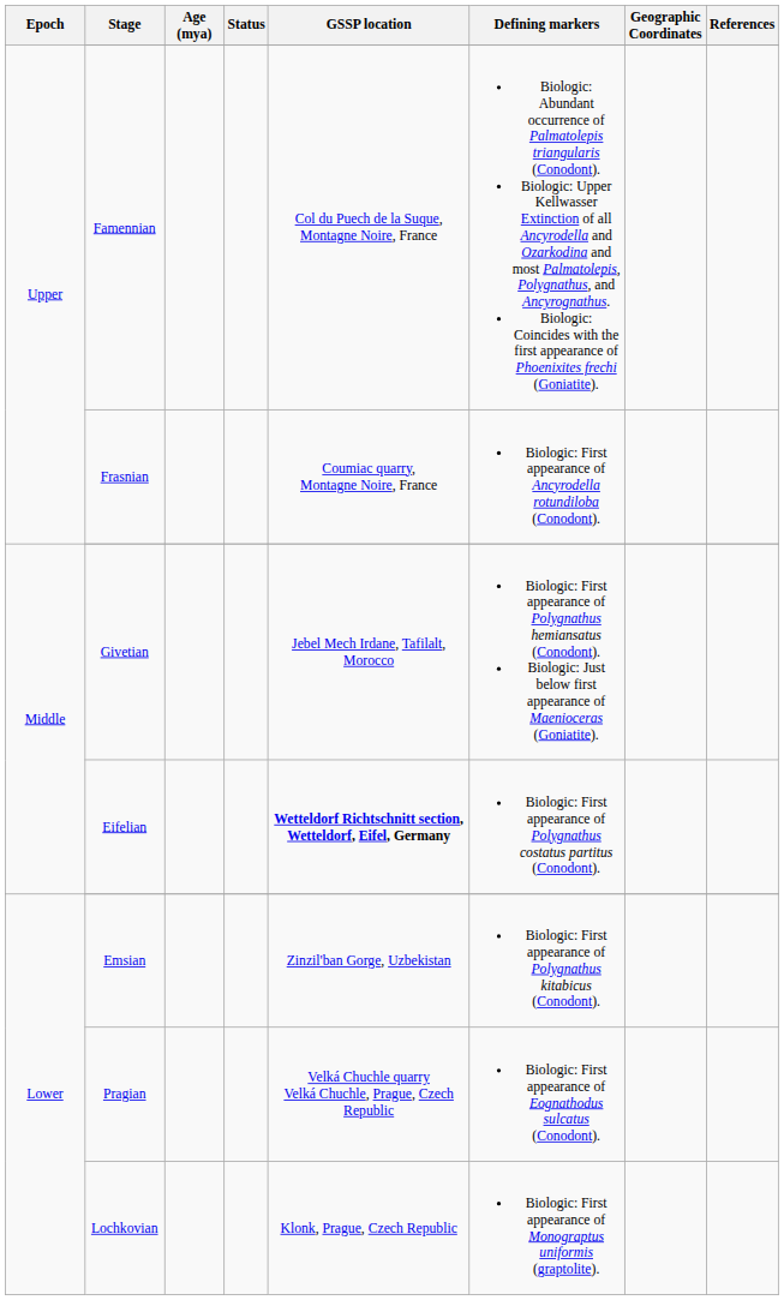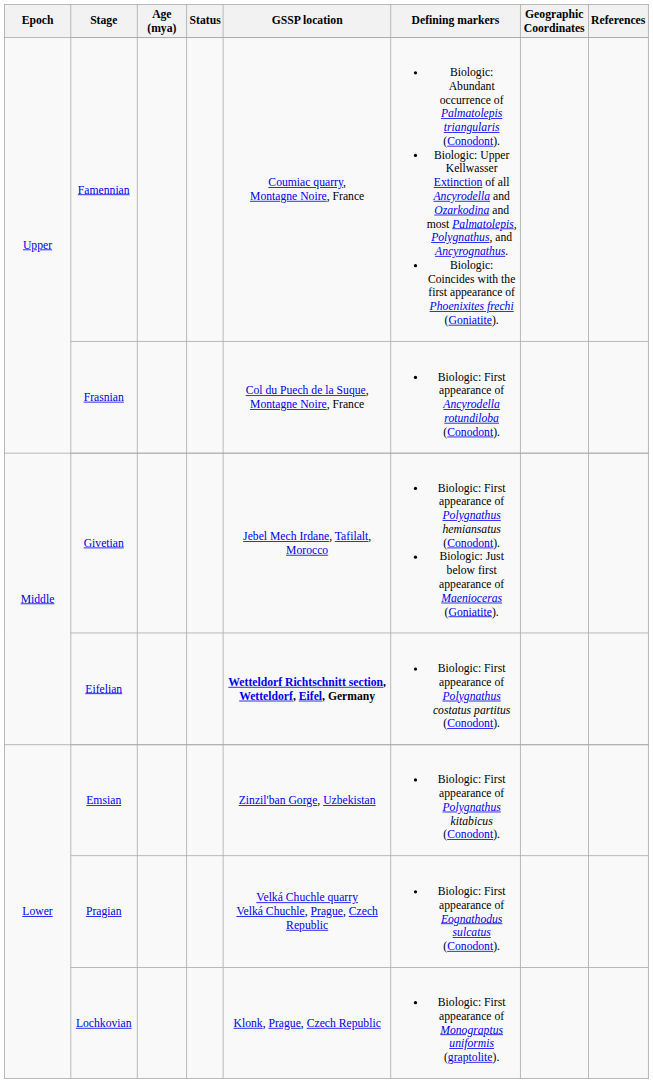 <table class="wikitable"  style="font-size:90%; width:90%; text-align:center;">
 <tr>
 <th style="width:75px;">Epoch</th>
 <th style="width:75px;">Stage</th>
 <th style="width:55px;">Age (mya)</th>
 <th style="width:15px;">Status</th>
 <th style="width:200px;">GSSP location</th>
 <th width="">Defining markers</th>
 <th width="">Geographic Coordinates</th>
 <th width="">References</th>
 </tr>
 <tr style="background:">
 <td rowspan="3"><a href='#'>Upper</a></td>
 </tr>
 <tr style="background:">
 <td><a href='#'>Famennian</a></td>
 <td></td>
 <td></td>
-<td><a href='#'>Col du Puech de la Suque</a>, <a href='#'>Montagne Noire</a>, France</td>
+<td><a href='#'>Coumiac quarry</a>,<br><a href='#'>Montagne Noire</a>, France</td>
 <td><br><ul><li>Biologic: Abundant occurrence of <em><a href='#'>Palmatolepis triangularis</a></em> (<a href='#'>Conodont</a>).</li><li>Biologic: Upper Kellwasser <a href='#'>Extinction</a> of all <em><a href='#'>Ancyrodella</a></em> and <em><a href='#'>Ozarkodina</a></em> and most <em><a href='#'>Palmatolepis</a></em>, <em><a href='#'>Polygnathus</a></em>, and <em><a href='#'>Ancyrognathus</a></em>.</li><li>Biologic: Coincides with the first appearance of <em><a href='#'>Phoenixites frechi</a></em> (<a href='#'>Goniatite</a>).</li></ul></td>
 <td></td>
 <td></td>
 </tr>
 <tr style="background:">
 <td><a href='#'>Frasnian</a></td>
 <td></td>
 <td></td>
-<td><a href='#'>Coumiac quarry</a>,<br><a href='#'>Montagne Noire</a>, France</td>
+<td><a href='#'>Col du Puech de la Suque</a>, <a href='#'>Montagne Noire</a>, France</td>
 <td><br><ul><li>Biologic: First appearance of <em><a href='#'>Ancyrodella rotundiloba</a></em> (<a href='#'>Conodont</a>).</li></ul></td>
 <td></td>
 <td></td>
 </tr>
 <tr style="background:">
 <td rowspan="3"><a href='#'>Middle</a></td>
 </tr>
 <tr style="background:">
 <td><a href='#'>Givetian</a></td>
 <td></td>
 <td></td>
 <td><a href='#'>Jebel Mech Irdane</a>, <a href='#'>Tafilalt</a>, <a href='#'>Morocco</a></td>
 <td><br><ul><li>Biologic: First appearance of <em><a href='#'>Polygnathus</a> hemiansatus</em> (<a href='#'>Conodont</a>).</li><li>Biologic: Just below first appearance of <em><a href='#'>Maenioceras</a></em> (<a href='#'>Goniatite</a>).</li></ul></td>
 <td></td>
 <td></td>
 </tr>
 <tr style="background:">
 <td><a href='#'>Eifelian</a></td>
 <td></td>
 <td></td>
 <td><strong><a href='#'>Wetteldorf Richtschnitt section</a>,<br><a href='#'>Wetteldorf</a>, <a href='#'>Eifel</a>, Germany</strong></td>
 <td><br><ul><li>Biologic: First appearance of <em><a href='#'>Polygnathus</a> costatus partitus</em> (<a href='#'>Conodont</a>).</li></ul></td>
 <td></td>
 <td></td>
 </tr>
 <tr style="background:">
 <td rowspan="4"><a href='#'>Lower</a></td>
 </tr>
 <tr style="background:">
 <td><a href='#'>Emsian</a></td>
 <td></td>
 <td></td>
 <td><a href='#'>Zinzil'ban Gorge</a>, <a href='#'>Uzbekistan</a></td>
 <td><br><ul><li>Biologic: First appearance of <em><a href='#'>Polygnathus</a> kitabicus</em> (<a href='#'>Conodont</a>).</li></ul></td>
 <td></td>
 <td></td>
 </tr>
 <tr style="background:">
 <td><a href='#'>Pragian</a></td>
 <td></td>
 <td></td>
 <td><a href='#'>Velká Chuchle quarry</a><br><a href='#'>Velká Chuchle</a>, <a href='#'>Prague</a>, <a href='#'>Czech Republic</a></td>
 <td><br><ul><li>Biologic: First appearance of <em><a href='#'>Eognathodus sulcatus</a></em> (<a href='#'>Conodont</a>).</li></ul></td>
 <td></td>
 <td></td>
 </tr>
 <tr style="background:">
 <td><a href='#'>Lochkovian</a></td>
 <td></td>
 <td></td>
 <td><a href='#'>Klonk</a>, <a href='#'>Prague</a>, <a href='#'>Czech Republic</a></td>
 <td><br><ul><li>Biologic: First appearance of <em><a href='#'>Monograptus uniformis</a></em> (<a href='#'>graptolite</a>).</li></ul></td>
 <td></td>
 <td></td>
 </tr>
 </table>
